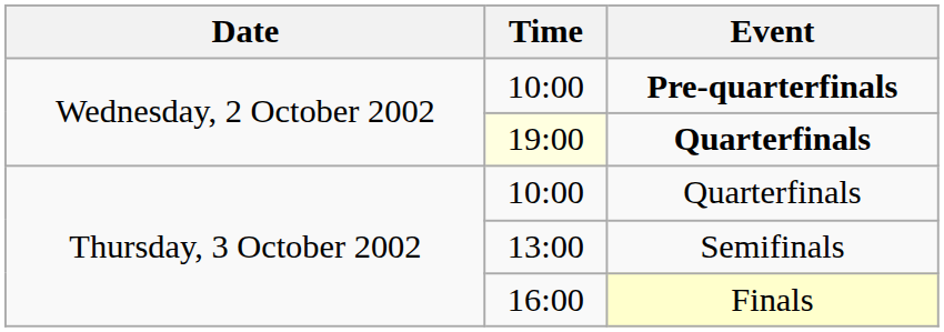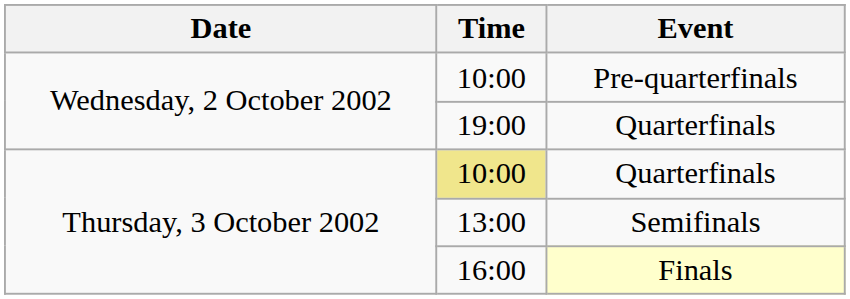 <table class = "wikitable" style="text-align:center;">
 <tr>
 <th width=220>Date</th>
 <th width=50>Time</th>
 <th width=150>Event</th>
 </tr>
 <tr>
 <td rowspan=2>Wednesday, 2 October 2002</td>
 <td>10:00</td>
-<td><strong>Pre-quarterfinals</strong></td>
+<td>Pre-quarterfinals</td>
 </tr>
 <tr>
-<td style="background: lightyellow;">19:00</td>
-<td><strong>Quarterfinals</strong></td>
+<td>19:00</td>
+<td>Quarterfinals</td>
 </tr>
 <tr>
 <td rowspan=3>Thursday, 3 October 2002</td>
-<td>10:00</td>
+<td style="background: khaki;">10:00</td>
 <td>Quarterfinals</td>
 </tr>
 <tr>
 <td>13:00</td>
 <td>Semifinals</td>
 </tr>
 <tr>
 <td>16:00</td>
 <td bgcolor=ffffcc>Finals</td>
 </tr>
 </table>
